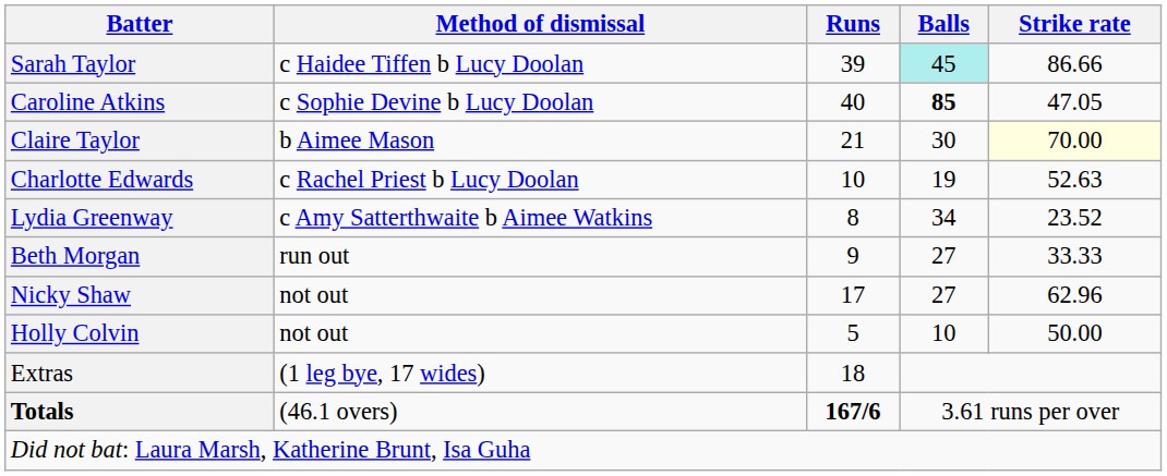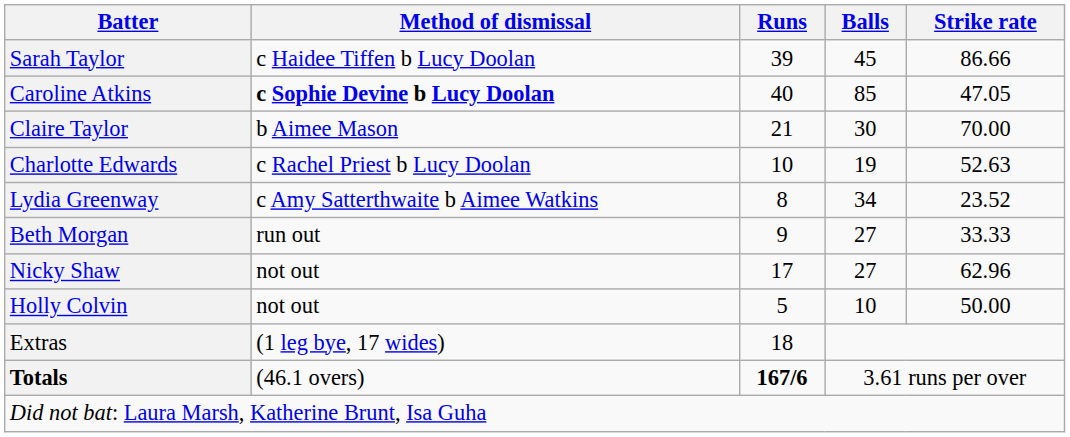 <table style="text-align:center; width: 60%;" class=wikitable>
 <tr>
 <th><a href='#'>Batter</a></th>
 <th><a href='#'>Method of dismissal</a></th>
 <th><a href='#'>Runs</a></th>
 <th><a href='#'>Balls</a></th>
 <th><a href='#'>Strike rate</a></th>
 </tr>
 <tr>
 <th scope="row" style="font-weight: normal; text-align: left;"><a href='#'>Sarah Taylor</a> </th>
 <td style=" text-align: left;">c <a href='#'>Haidee Tiffen</a> b <a href='#'>Lucy Doolan</a></td>
 <td>39</td>
-<td style="background: paleturquoise;">45</td>
+<td>45</td>
 <td>86.66</td>
 </tr>
 <tr>
 <th scope="row" style="font-weight: normal; text-align: left;"><a href='#'>Caroline Atkins</a></th>
-<td style=" text-align: left;">c <a href='#'>Sophie Devine</a> b <a href='#'>Lucy Doolan</a></td>
+<td style=" text-align: left;"><strong>c <a href='#'>Sophie Devine</a> b <a href='#'>Lucy Doolan</a></strong></td>
 <td>40</td>
-<td><strong>85</strong></td>
+<td>85</td>
 <td>47.05</td>
 </tr>
 <tr>
 <th scope="row" style="font-weight: normal; text-align: left;"><a href='#'>Claire Taylor</a></th>
 <td style=" text-align: left;">b <a href='#'>Aimee Mason</a></td>
 <td>21</td>
 <td>30</td>
-<td style="background: lightyellow;">70.00</td>
+<td>70.00</td>
 </tr>
 <tr>
 <th scope="row" style="font-weight: normal; text-align: left;"><a href='#'>Charlotte Edwards</a> </th>
 <td style=" text-align: left;">c <a href='#'>Rachel Priest</a>  b <a href='#'>Lucy Doolan</a></td>
 <td>10</td>
 <td>19</td>
 <td>52.63</td>
 </tr>
 <tr>
 <th scope="row" style="font-weight: normal; text-align: left;"><a href='#'>Lydia Greenway</a></th>
 <td style=" text-align: left;">c <a href='#'>Amy Satterthwaite</a> b <a href='#'>Aimee Watkins</a></td>
 <td>8</td>
 <td>34</td>
 <td>23.52</td>
 </tr>
 <tr>
 <th scope="row" style="font-weight: normal; text-align: left;"><a href='#'>Beth Morgan</a></th>
 <td style=" text-align: left;">run out</td>
 <td>9</td>
 <td>27</td>
 <td>33.33</td>
 </tr>
 <tr>
 <th scope="row" style="font-weight: normal; text-align: left;"><a href='#'>Nicky Shaw</a></th>
 <td style=" text-align: left;">not out</td>
 <td>17</td>
 <td>27</td>
 <td>62.96</td>
 </tr>
 <tr>
 <th scope="row" style="font-weight: normal; text-align: left;"><a href='#'>Holly Colvin</a></th>
 <td style=" text-align: left;">not out</td>
 <td>5</td>
 <td>10</td>
 <td>50.00</td>
 </tr>
 <tr>
 <th scope="row" style="font-weight: normal; text-align: left;">Extras</th>
 <td style=" text-align: left;">(1 <a href='#'>leg bye</a>, 17 <a href='#'>wides</a>)</td>
 <td>18</td>
 <td colspan="2"></td>
 </tr>
 <tr>
 <th scope="row" style="font-weight: normal; text-align: left;"><strong>Totals</strong></th>
 <td style=" text-align: left;">(46.1 overs)</td>
 <td><strong>167/6</strong></td>
 <td colspan="2">3.61 runs per over</td>
 </tr>
 <tr style="text-align:left;">
 <td colspan="5"><em>Did not bat</em>: <a href='#'>Laura Marsh</a>, <a href='#'>Katherine Brunt</a>, <a href='#'>Isa Guha</a></td>
 </tr>
 </table>
